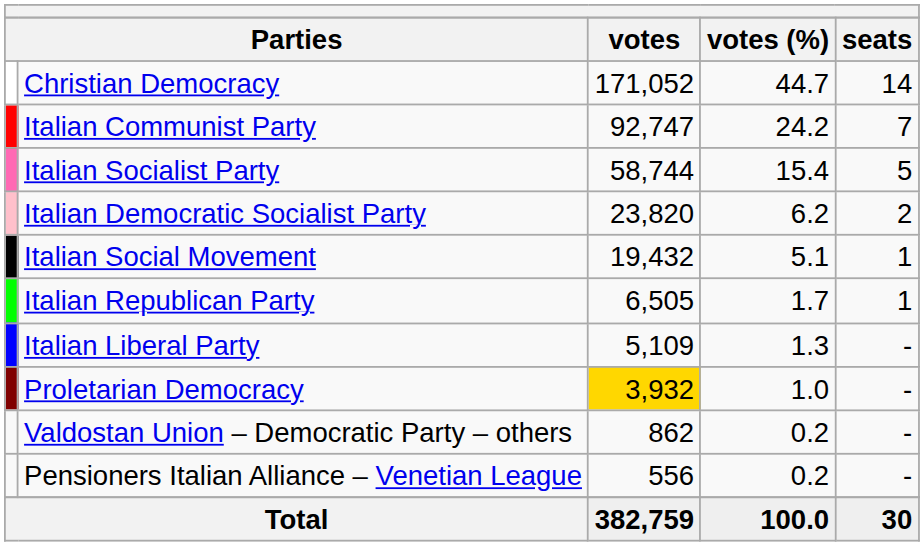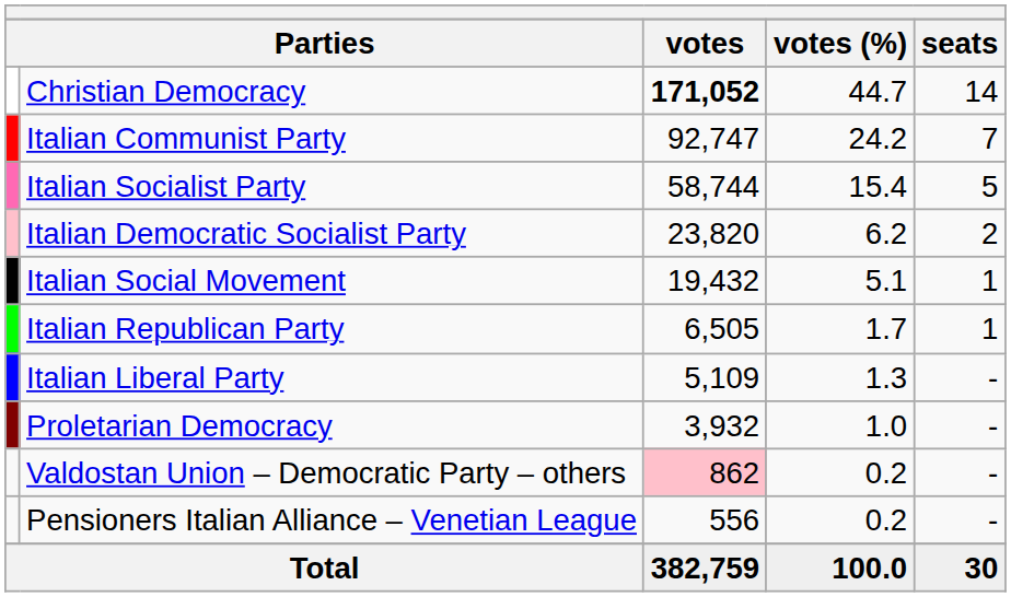 <table class="wikitable" style="font-size:95%">
 <tr>
 <th colspan=5></th>
 </tr>
 <tr>
 </tr>
 <tr bgcolor="EFEFEF">
 <th colspan=2>Parties</th>
 <th>votes</th>
 <th>votes (%)</th>
 <th>seats</th>
 </tr>
 <tr>
 <td bgcolor=White></td>
 <td><a href='#'>Christian Democracy</a></td>
-<td align=right>171,052</td>
+<td align=right><strong>171,052</strong></td>
 <td align=right>44.7</td>
 <td align=right>14</td>
 </tr>
 <tr>
 <td bgcolor=Red></td>
 <td><a href='#'>Italian Communist Party</a></td>
 <td align=right>92,747</td>
 <td align=right>24.2</td>
 <td align=right>7</td>
 </tr>
 <tr>
 <td bgcolor=Hotpink></td>
 <td><a href='#'>Italian Socialist Party</a></td>
 <td align=right>58,744</td>
 <td align=right>15.4</td>
 <td align=right>5</td>
 </tr>
 <tr>
 <td bgcolor=Pink></td>
 <td><a href='#'>Italian Democratic Socialist Party</a></td>
 <td align=right>23,820</td>
 <td align=right>6.2</td>
 <td align=right>2</td>
 </tr>
 <tr>
 <td bgcolor=Black></td>
 <td><a href='#'>Italian Social Movement</a></td>
 <td align=right>19,432</td>
 <td align=right>5.1</td>
 <td align=right>1</td>
 </tr>
 <tr>
 <td bgcolor=Lime></td>
 <td><a href='#'>Italian Republican Party</a></td>
 <td align=right>6,505</td>
 <td align=right>1.7</td>
 <td align=right>1</td>
 </tr>
 <tr>
 <td bgcolor=Blue></td>
 <td><a href='#'>Italian Liberal Party</a></td>
 <td align=right>5,109</td>
 <td align=right>1.3</td>
 <td align=right>-</td>
 </tr>
 <tr>
 <td bgcolor=Maroon></td>
 <td><a href='#'>Proletarian Democracy</a></td>
-<td align=right style="background: gold;">3,932</td>
+<td align=right>3,932</td>
 <td align=right>1.0</td>
 <td align=right>-</td>
 </tr>
 <tr>
 <td bgcolor=></td>
 <td><a href='#'>Valdostan Union</a> – Democratic Party – others</td>
-<td align=right>862</td>
+<td align=right style="background: pink;">862</td>
 <td align=right>0.2</td>
 <td align=right>-</td>
 </tr>
 <tr>
 <td bgcolor=></td>
 <td>Pensioners Italian Alliance – <a href='#'>Venetian League</a></td>
 <td align=right>556</td>
 <td align=right>0.2</td>
 <td align=right>-</td>
 </tr>
 <tr>
 </tr>
 <tr bgcolor="EFEFEF">
 <th colspan=2><strong>Total</strong></th>
 <td align=right><strong>382,759</strong></td>
 <td align=right><strong>100.0</strong></td>
 <td align=right><strong>30</strong></td>
 </tr>
 </table>
